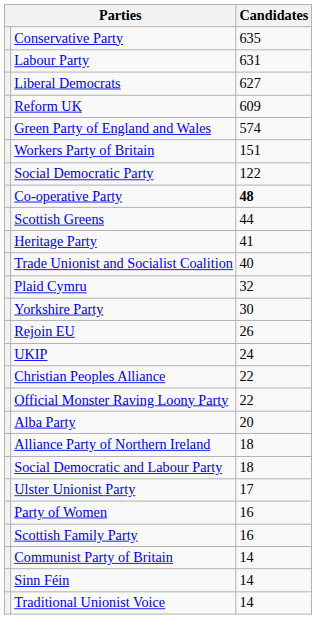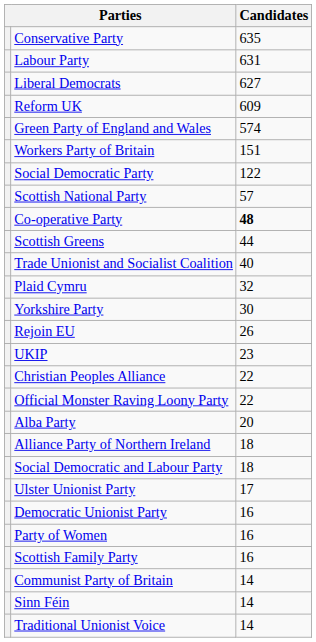 <table class="wikitable sortable">
 <tr>
 <th colspan="2" class="unsortable">Parties</th>
 <th>Candidates</th>
 </tr>
 <tr>
 <th class="unsortable" style="background-color: "></th>
 <td><a href='#'>Conservative Party</a></td>
 <td>635</td>
 </tr>
 <tr>
 <th class="unsortable" style="background-color: "></th>
 <td><a href='#'>Labour Party</a></td>
 <td>631</td>
 </tr>
 <tr>
 <th class="unsortable" style="background-color: "></th>
 <td><a href='#'>Liberal Democrats</a></td>
 <td>627</td>
 </tr>
 <tr>
 <th class="unsortable" style="background-color: "></th>
 <td><a href='#'>Reform UK</a></td>
 <td>609</td>
 </tr>
 <tr>
 <th class="unsortable" style="background-color: "></th>
 <td><a href='#'>Green Party of England and Wales</a></td>
 <td>574</td>
 </tr>
 <tr>
 <th class="unsortable" style="background-color: "></th>
 <td><a href='#'>Workers Party of Britain</a></td>
 <td>151</td>
 </tr>
 <tr>
 <th class="unsortable" style="background-color: "></th>
 <td><a href='#'>Social Democratic Party</a></td>
 <td>122</td>
 </tr>
 <tr>
 <th class="unsortable" style="background-color: "></th>
+<td><a href='#'>Scottish National Party</a></td>
+<td>57</td>
+</tr>
+<tr>
+<th class="unsortable" style="background-color: "></th>
 <td><a href='#'>Co-operative Party</a></td>
 <td><strong>48</strong></td>
 </tr>
 <tr>
 <th class="unsortable" style="background-color: "></th>
 <td><a href='#'>Scottish Greens</a></td>
 <td>44</td>
-</tr>
-<tr>
-<th class="unsortable" style="background-color: "></th>
-<td><a href='#'>Heritage Party</a></td>
-<td>41</td>
 </tr>
 <tr>
 <th class="unsortable" style="background-color: "></th>
 <td><a href='#'>Trade Unionist and Socialist Coalition</a></td>
 <td>40</td>
 </tr>
 <tr>
 <th class="unsortable" style="background-color: "></th>
 <td><a href='#'>Plaid Cymru</a></td>
 <td>32</td>
 </tr>
 <tr>
 <th class="unsortable" style="background-color: "></th>
 <td><a href='#'>Yorkshire Party</a></td>
 <td>30</td>
 </tr>
 <tr>
 <th class="unsortable" style="background-color: "></th>
 <td><a href='#'>Rejoin EU</a></td>
 <td>26</td>
 </tr>
 <tr>
 <th class="unsortable" style="background-color: "></th>
 <td><a href='#'>UKIP</a></td>
-<td>24</td>
+<td>23</td>
 </tr>
 <tr>
 <th class="unsortable" style="background-color: "></th>
 <td><a href='#'>Christian Peoples Alliance</a></td>
 <td>22</td>
 </tr>
 <tr>
 <th class="unsortable" style="background-color: "></th>
 <td><a href='#'>Official Monster Raving Loony Party</a></td>
 <td>22</td>
 </tr>
 <tr>
 <th class="unsortable" style="background-color: "></th>
 <td><a href='#'>Alba Party</a></td>
 <td>20</td>
 </tr>
 <tr>
 <th class="unsortable" style="background-color: "></th>
 <td><a href='#'>Alliance Party of Northern Ireland</a></td>
 <td>18</td>
 </tr>
 <tr>
 <th class="unsortable" style="background-color: "></th>
 <td><a href='#'>Social Democratic and Labour Party</a></td>
 <td>18</td>
 </tr>
 <tr>
 <th class="unsortable" style="background-color: "></th>
 <td><a href='#'>Ulster Unionist Party</a></td>
 <td>17</td>
 </tr>
 <tr>
 <th class="unsortable" style="background-color: "></th>
+<td><a href='#'>Democratic Unionist Party</a></td>
+<td>16</td>
+</tr>
+<tr>
+<th class="unsortable" style="background-color: "></th>
 <td><a href='#'>Party of Women</a></td>
 <td>16</td>
 </tr>
 <tr>
 <th class="unsortable" style="background-color: "></th>
 <td><a href='#'>Scottish Family Party</a></td>
 <td>16</td>
 </tr>
 <tr>
 <th class="unsortable" style="background-color: "></th>
 <td><a href='#'>Communist Party of Britain</a></td>
 <td>14</td>
 </tr>
 <tr>
 <th class="unsortable" style="background-color: "></th>
 <td><a href='#'>Sinn Féin</a></td>
 <td>14</td>
 </tr>
 <tr>
 <th class="unsortable" style="background-color: "></th>
 <td><a href='#'>Traditional Unionist Voice</a></td>
 <td>14</td>
 </tr>
 </table>
